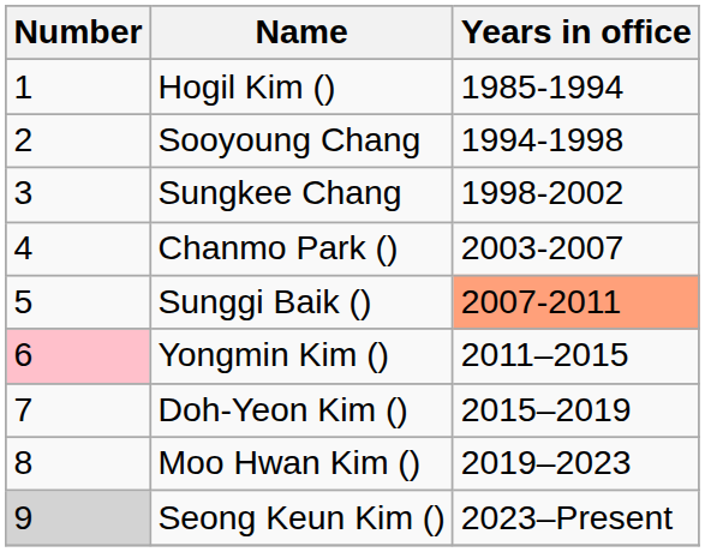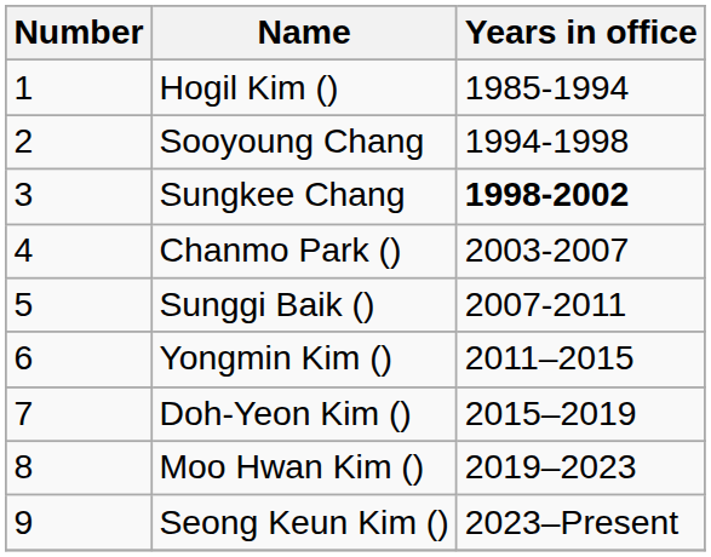 <table class=wikitable>
 <tr>
 <th>Number</th>
 <th>Name</th>
 <th>Years in office</th>
 </tr>
 <tr>
 <td>1</td>
 <td>Hogil Kim  ()</td>
 <td>1985-1994</td>
 </tr>
 <tr>
 <td>2</td>
 <td>Sooyoung Chang</td>
 <td>1994-1998</td>
 </tr>
 <tr>
 <td>3</td>
 <td>Sungkee Chang</td>
-<td>1998-2002</td>
+<td><strong>1998-2002</strong></td>
 </tr>
 <tr>
 <td>4</td>
 <td>Chanmo Park  ()</td>
 <td>2003-2007</td>
 </tr>
 <tr>
 <td>5</td>
 <td>Sunggi Baik  ()</td>
-<td style="background: lightsalmon;">2007-2011</td>
+<td>2007-2011</td>
 </tr>
 <tr>
-<td style="background: pink;">6</td>
+<td>6</td>
 <td>Yongmin Kim  ()</td>
 <td>2011–2015</td>
 </tr>
 <tr>
 <td>7</td>
 <td>Doh-Yeon Kim  ()</td>
 <td>2015–2019</td>
 </tr>
 <tr>
 <td>8</td>
 <td>Moo Hwan Kim  ()</td>
 <td>2019–2023</td>
 </tr>
 <tr>
-<td style="background: lightgrey;">9</td>
+<td>9</td>
 <td>Seong Keun Kim  ()</td>
 <td>2023–Present</td>
 </tr>
 <tr>
 </tr>
 </table>
